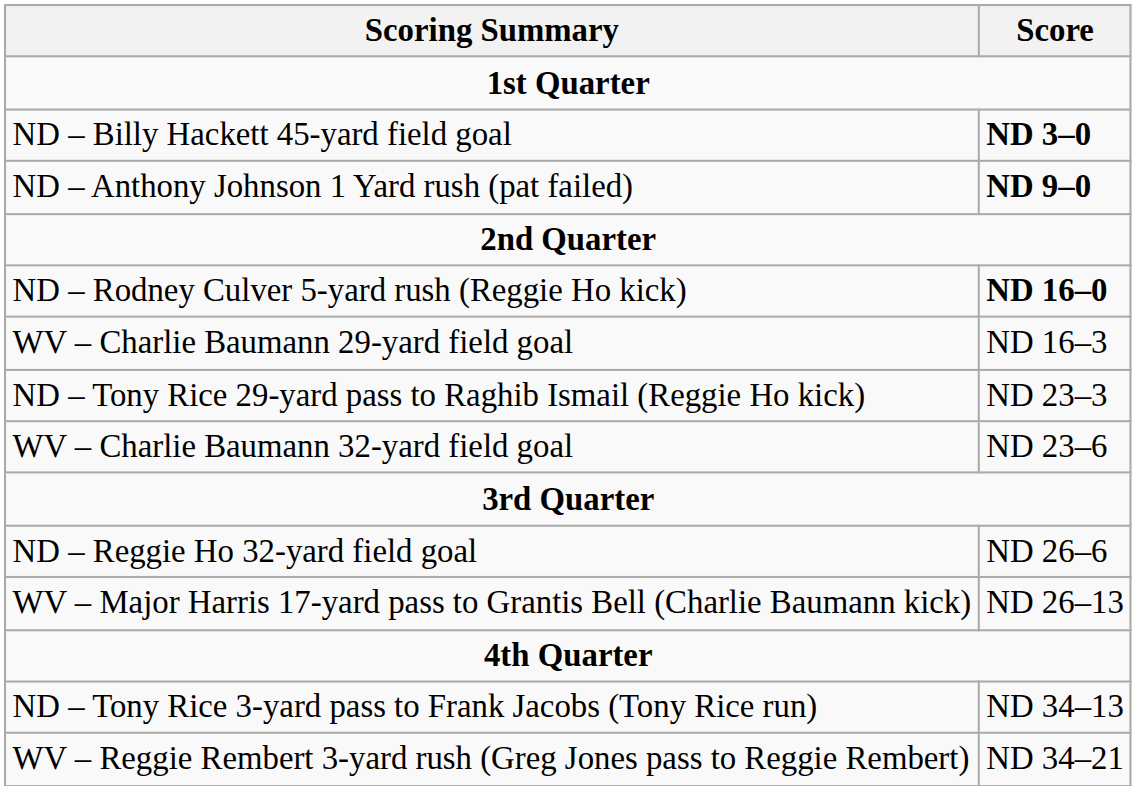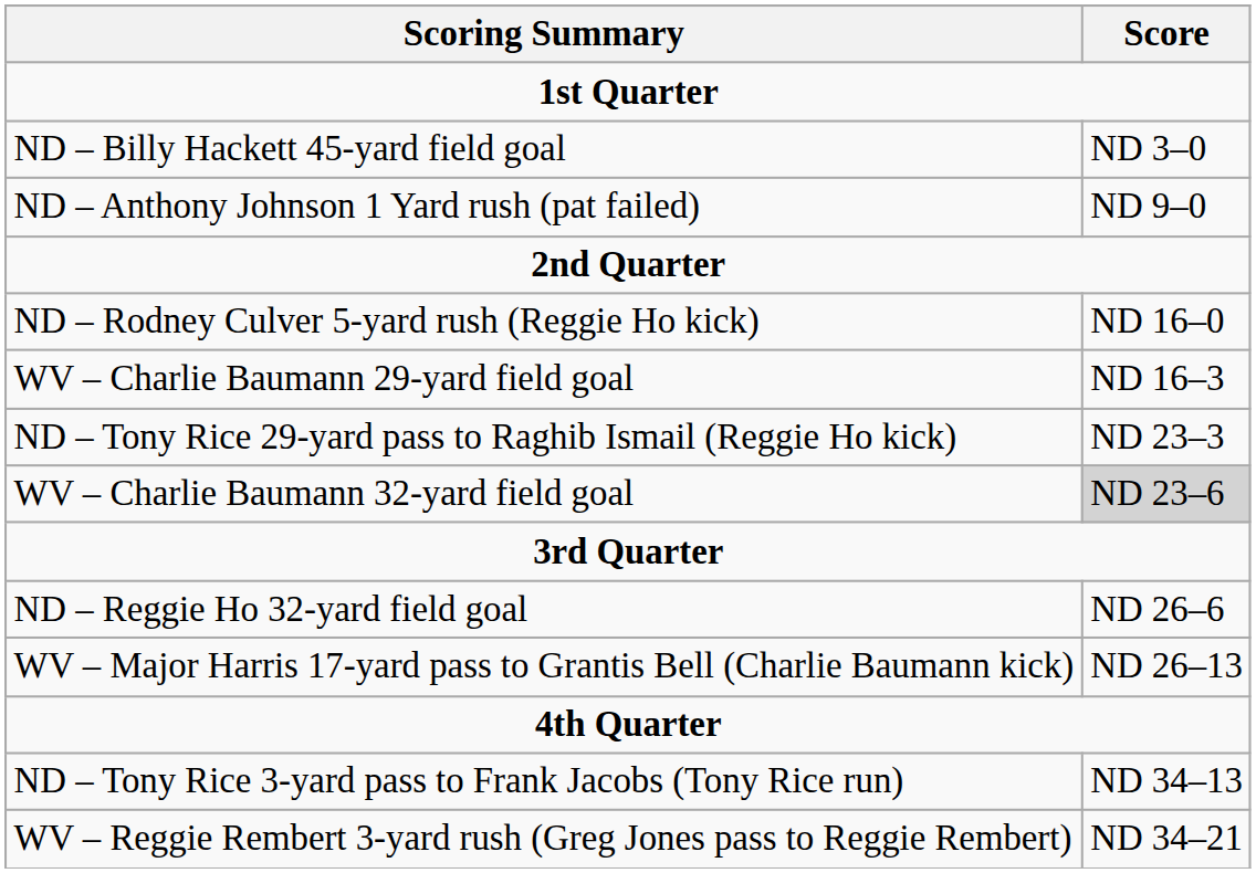 <table class="wikitable">
 <tr>
 <th>Scoring Summary</th>
 <th>Score</th>
 </tr>
 <tr>
 <td colspan="4" align="center"><strong>1st Quarter</strong></td>
 </tr>
 <tr>
 <td>ND – Billy Hackett 45-yard field goal</td>
-<td><strong>ND 3–0</strong></td>
+<td>ND 3–0</td>
 </tr>
 <tr>
 <td>ND – Anthony Johnson 1 Yard rush (pat failed)</td>
-<td><strong>ND 9–0</strong></td>
+<td>ND 9–0</td>
 </tr>
 <tr>
 <td colspan="4" align="center"><strong>2nd Quarter</strong></td>
 </tr>
 <tr>
 <td>ND – Rodney Culver 5-yard rush  (Reggie Ho kick)</td>
-<td><strong>ND 16–0</strong></td>
+<td>ND 16–0</td>
 </tr>
 <tr>
 <td>WV – Charlie Baumann 29-yard field goal</td>
 <td>ND 16–3</td>
 </tr>
 <tr>
 <td>ND –  Tony Rice 29-yard pass to Raghib Ismail (Reggie Ho kick)</td>
 <td>ND 23–3</td>
 </tr>
 <tr>
 <td>WV – Charlie Baumann 32-yard field goal</td>
-<td>ND 23–6</td>
+<td style="background: lightgrey;">ND 23–6</td>
 </tr>
 <tr>
 <td colspan="4" align="center"><strong>3rd Quarter</strong></td>
 </tr>
 <tr>
 <td>ND – Reggie Ho 32-yard field goal</td>
 <td>ND 26–6</td>
 </tr>
 <tr>
 <td>WV – Major Harris 17-yard pass to Grantis Bell (Charlie Baumann kick)</td>
 <td>ND 26–13</td>
 </tr>
 <tr>
 <td colspan="4" align="center"><strong>4th Quarter</strong></td>
 </tr>
 <tr>
 <td>ND –  Tony Rice 3-yard pass to Frank Jacobs (Tony Rice run)</td>
 <td>ND 34–13</td>
 </tr>
 <tr>
 <td>WV – Reggie Rembert 3-yard rush (Greg Jones pass to Reggie Rembert)</td>
 <td>ND 34–21</td>
 </tr>
 </table>
